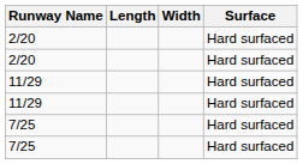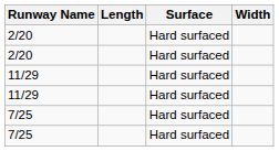 <table class="wikitable">
 <tr>
 <th>Runway Name</th>
 <th>Length</th>
+<th>Surface</th>
 <th>Width</th>
-<th>Surface</th>
 </tr>
 <tr>
 <td>2/20</td>
 <td></td>
+<td>Hard surfaced</td>
 <td></td>
-<td>Hard surfaced</td>
 </tr>
 <tr>
 <td>2/20</td>
 <td></td>
+<td>Hard surfaced</td>
 <td></td>
-<td>Hard surfaced</td>
 </tr>
 <tr>
 <td>11/29</td>
 <td></td>
+<td>Hard surfaced</td>
 <td></td>
-<td>Hard surfaced</td>
 </tr>
 <tr>
 <td>11/29</td>
 <td></td>
+<td>Hard surfaced</td>
 <td></td>
-<td>Hard surfaced</td>
 </tr>
 <tr>
 <td>7/25</td>
 <td></td>
+<td>Hard surfaced</td>
 <td></td>
-<td>Hard surfaced</td>
 </tr>
 <tr>
 <td>7/25</td>
 <td></td>
+<td>Hard surfaced</td>
 <td></td>
-<td>Hard surfaced</td>
 </tr>
 </table>
